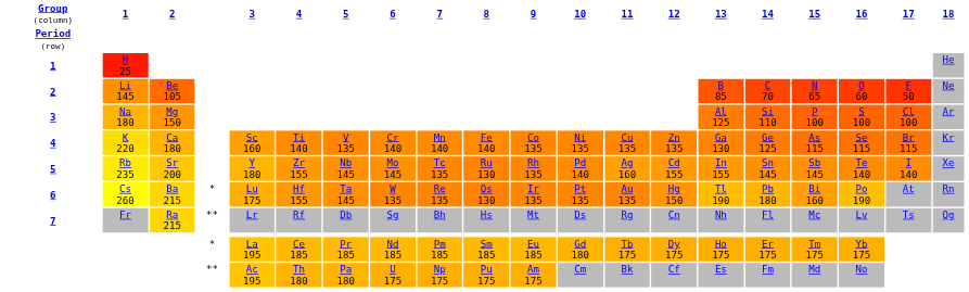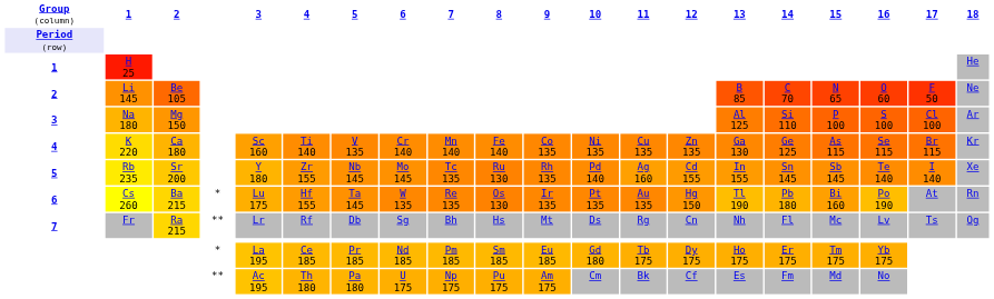 <table wikitable width="80%" style="text-align:center">
 <tr>
 <td><strong><a href='#'>Group</a></strong><br><small>(column)</small></td>
 <td><strong><a href='#'>1</a></strong></td>
 <td><strong><a href='#'>2</a></strong></td>
 <td></td>
 <td><strong><a href='#'>3</a></strong></td>
 <td><strong><a href='#'>4</a></strong></td>
 <td><strong><a href='#'>5</a></strong></td>
 <td><strong><a href='#'>6</a></strong></td>
 <td><strong><a href='#'>7</a></strong></td>
 <td><strong><a href='#'>8</a></strong></td>
 <td><strong><a href='#'>9</a></strong></td>
 <td><strong><a href='#'>10</a></strong></td>
 <td><strong><a href='#'>11</a></strong></td>
 <td><strong><a href='#'>12</a></strong></td>
 <td><strong><a href='#'>13</a></strong></td>
 <td><strong><a href='#'>14</a></strong></td>
 <td><strong><a href='#'>15</a></strong></td>
 <td><strong><a href='#'>16</a></strong></td>
 <td><strong><a href='#'>17</a></strong></td>
 <td><strong><a href='#'>18</a></strong></td>
 </tr>
 <tr>
-<td><strong><a href='#'>Period</a></strong><br><small>(row)</small></td>
+<td style="background: lavender;"><strong><a href='#'>Period</a></strong><br><small>(row)</small></td>
 <td colspan=21></td>
 </tr>
 <tr>
 <td><strong><a href='#'>1</a></strong></td>
 <td bgcolor="#ff1900"><a href='#'>H</a><br>25</td>
 <td colspan=17></td>
 <td bgcolor="#bbbbbb"><a href='#'>He</a><br> </td>
 </tr>
 <tr>
 <td><strong><a href='#'>2</a></strong></td>
 <td bgcolor="#ff9100"><a href='#'>Li</a><br>145</td>
 <td bgcolor="#ff6900"><a href='#'>Be</a><br>105</td>
 <td colspan=11></td>
 <td bgcolor="#ff5500"><a href='#'>B</a><br>85</td>
 <td bgcolor="#ff4600"><a href='#'>C</a><br>70</td>
 <td bgcolor="#ff4100"><a href='#'>N</a><br>65</td>
 <td bgcolor="#ff3c00"><a href='#'>O</a><br>60</td>
 <td bgcolor="#ff3200"><a href='#'>F</a><br>50</td>
 <td bgcolor="#bbbbbb"><a href='#'>Ne</a><br> </td>
 </tr>
 <tr>
 <td><strong><a href='#'>3</a></strong></td>
 <td bgcolor="#ffb400"><a href='#'>Na</a><br>180</td>
 <td bgcolor="#ff9600"><a href='#'>Mg</a><br>150</td>
 <td colspan=11></td>
 <td bgcolor="#ff7d00"><a href='#'>Al</a><br>125</td>
 <td bgcolor="#ff6e00"><a href='#'>Si</a><br>110</td>
 <td bgcolor="#ff6400"><a href='#'>P</a><br>100</td>
 <td bgcolor="#ff6400"><a href='#'>S</a><br>100</td>
 <td bgcolor="#ff6400"><a href='#'>Cl</a><br>100</td>
 <td bgcolor="#bbbbbb"><a href='#'>Ar</a><br> </td>
 </tr>
 <tr>
 <td><strong><a href='#'>4</a></strong></td>
 <td bgcolor="#ffdc00"><a href='#'>K</a><br>220</td>
 <td bgcolor="#ffb400"><a href='#'>Ca</a><br>180</td>
 <td></td>
 <td bgcolor="#ffa000"><a href='#'>Sc</a><br>160</td>
 <td bgcolor="#ff8c00"><a href='#'>Ti</a><br>140</td>
 <td bgcolor="#ff8700"><a href='#'>V</a><br>135</td>
 <td bgcolor="#ff8c00"><a href='#'>Cr</a><br>140</td>
 <td bgcolor="#ff8c00"><a href='#'>Mn</a><br>140</td>
 <td bgcolor="#ff8c00"><a href='#'>Fe</a><br>140</td>
 <td bgcolor="#ff8700"><a href='#'>Co</a><br>135</td>
 <td bgcolor="#ff8700"><a href='#'>Ni</a><br>135</td>
 <td bgcolor="#ff8700"><a href='#'>Cu</a><br>135</td>
 <td bgcolor="#ff8700"><a href='#'>Zn</a><br>135</td>
 <td bgcolor="#ff8700"><a href='#'>Ga</a><br>130</td>
 <td bgcolor="#ff7d00"><a href='#'>Ge</a><br>125</td>
 <td bgcolor="#ff7300"><a href='#'>As</a><br>115</td>
 <td bgcolor="#ff7300"><a href='#'>Se</a><br>115</td>
 <td bgcolor="#ff7300"><a href='#'>Br</a><br>115</td>
 <td bgcolor="#bbbbbb"><a href='#'>Kr</a><br> </td>
 </tr>
 <tr>
 <td><strong><a href='#'>5</a></strong></td>
 <td bgcolor="#ffeb00"><a href='#'>Rb</a><br>235</td>
 <td bgcolor="#ffc800"><a href='#'>Sr</a><br>200</td>
 <td></td>
 <td bgcolor="#ffb400"><a href='#'>Y</a><br>180</td>
 <td bgcolor="#ff9b00"><a href='#'>Zr</a><br>155</td>
 <td bgcolor="#ff9100"><a href='#'>Nb</a><br>145</td>
 <td bgcolor="#ff9100"><a href='#'>Mo</a><br>145</td>
 <td bgcolor="#ff8700"><a href='#'>Tc</a><br>135</td>
 <td bgcolor="#ff8200"><a href='#'>Ru</a><br>130</td>
 <td bgcolor="#ff8700"><a href='#'>Rh</a><br>135</td>
 <td bgcolor="#ff8c00"><a href='#'>Pd</a><br>140</td>
 <td bgcolor="#ffa000"><a href='#'>Ag</a><br>160</td>
 <td bgcolor="#ff9b00"><a href='#'>Cd</a><br>155</td>
 <td bgcolor="#ff9b00"><a href='#'>In</a><br>155</td>
 <td bgcolor="#ff9100"><a href='#'>Sn</a><br>145</td>
 <td bgcolor="#ff9100"><a href='#'>Sb</a><br>145</td>
 <td bgcolor="#ff8c00"><a href='#'>Te</a><br>140</td>
 <td bgcolor="#ff8c00"><a href='#'>I</a><br>140</td>
 <td bgcolor="#bbbbbb"><a href='#'>Xe</a><br> </td>
 </tr>
 <tr>
 <td><strong><a href='#'>6</a></strong></td>
 <td bgcolor="#ffff00"><a href='#'>Cs</a><br>260</td>
 <td bgcolor="#ffd700"><a href='#'>Ba</a><br>215</td>
 <td>*<br> </td>
 <td bgcolor="#ffaf00"><a href='#'>Lu</a><br>175</td>
 <td bgcolor="#ff9b00"><a href='#'>Hf</a><br>155</td>
 <td bgcolor="#ff9100"><a href='#'>Ta</a><br>145</td>
 <td bgcolor="#ff8700"><a href='#'>W</a><br>135</td>
 <td bgcolor="#ff8700"><a href='#'>Re</a><br>135</td>
 <td bgcolor="#ff8200"><a href='#'>Os</a><br>130</td>
 <td bgcolor="#ff8700"><a href='#'>Ir</a><br>135</td>
 <td bgcolor="#ff8700"><a href='#'>Pt</a><br>135</td>
 <td bgcolor="#ff8700"><a href='#'>Au</a><br>135</td>
 <td bgcolor="#ff9600"><a href='#'>Hg</a><br>150</td>
 <td bgcolor="#ffbe00"><a href='#'>Tl</a><br>190</td>
 <td bgcolor="#ffb400"><a href='#'>Pb</a><br>180</td>
 <td bgcolor="#ffa000"><a href='#'>Bi</a><br>160</td>
 <td bgcolor="#ffbe00"><a href='#'>Po</a><br>190</td>
 <td bgcolor="#bbbbbb"><a href='#'>At</a><br> </td>
 <td bgcolor="#bbbbbb"><a href='#'>Rn</a><br> </td>
 </tr>
 <tr>
 <td><strong><a href='#'>7</a></strong></td>
 <td bgcolor="#bbbbbb"><a href='#'>Fr</a><br> </td>
 <td bgcolor="#ffd700"><a href='#'>Ra</a><br>215</td>
 <td>**<br> </td>
 <td bgcolor="#bbbbbb"><a href='#'>Lr</a><br> </td>
 <td bgcolor="#bbbbbb"><a href='#'>Rf</a><br> </td>
 <td bgcolor="#bbbbbb"><a href='#'>Db</a><br> </td>
 <td bgcolor="#bbbbbb"><a href='#'>Sg</a><br> </td>
 <td bgcolor="#bbbbbb"><a href='#'>Bh</a><br> </td>
 <td bgcolor="#bbbbbb"><a href='#'>Hs</a><br> </td>
 <td bgcolor="#bbbbbb"><a href='#'>Mt</a><br> </td>
 <td bgcolor="#bbbbbb"><a href='#'>Ds</a><br> </td>
 <td bgcolor="#bbbbbb"><a href='#'>Rg</a><br> </td>
 <td bgcolor="#bbbbbb"><a href='#'>Cn</a><br> </td>
 <td bgcolor="#bbbbbb"><a href='#'>Nh</a><br> </td>
 <td bgcolor="#bbbbbb"><a href='#'>Fl</a><br> </td>
 <td bgcolor="#bbbbbb"><a href='#'>Mc</a><br> </td>
 <td bgcolor="#bbbbbb"><a href='#'>Lv</a><br> </td>
 <td bgcolor="#bbbbbb"><a href='#'>Ts</a><br> </td>
 <td bgcolor="#bbbbbb"><a href='#'>Og</a><br> </td>
 </tr>
 <tr>
 <td></td>
 </tr>
 <tr>
 <td></td>
 <td></td>
 <td></td>
 <td>*<br> </td>
 <td bgcolor="#ffc300"><a href='#'>La</a><br>195</td>
 <td bgcolor="#ffb900"><a href='#'>Ce</a><br>185</td>
 <td bgcolor="#ffb900"><a href='#'>Pr</a><br>185</td>
 <td bgcolor="#ffb900"><a href='#'>Nd</a><br>185</td>
 <td bgcolor="#ffb900"><a href='#'>Pm</a><br>185</td>
 <td bgcolor="#ffb900"><a href='#'>Sm</a><br>185</td>
 <td bgcolor="#ffb900"><a href='#'>Eu</a><br>185</td>
 <td bgcolor="#ffb400"><a href='#'>Gd</a><br>180</td>
 <td bgcolor="#ffaf00"><a href='#'>Tb</a><br>175</td>
 <td bgcolor="#ffaf00"><a href='#'>Dy</a><br>175</td>
 <td bgcolor="#ffaf00"><a href='#'>Ho</a><br>175</td>
 <td bgcolor="#ffaf00"><a href='#'>Er</a><br>175</td>
 <td bgcolor="#ffaf00"><a href='#'>Tm</a><br>175</td>
 <td bgcolor="#ffaf00"><a href='#'>Yb</a><br>175</td>
 </tr>
 <tr>
 <td></td>
 <td></td>
 <td></td>
 <td>**<br> </td>
 <td bgcolor="#ffc300"><a href='#'>Ac</a><br>195</td>
 <td bgcolor="#ffb400"><a href='#'>Th</a><br>180</td>
 <td bgcolor="#ffb400"><a href='#'>Pa</a><br>180</td>
 <td bgcolor="#ffaf00"><a href='#'>U</a><br>175</td>
 <td bgcolor="#ffaf00"><a href='#'>Np</a><br>175</td>
 <td bgcolor="#ffaf00"><a href='#'>Pu</a><br>175</td>
 <td bgcolor="#ffaf00"><a href='#'>Am</a><br>175</td>
 <td bgcolor="#bbbbbb"><a href='#'>Cm</a><br> </td>
 <td bgcolor="#bbbbbb"><a href='#'>Bk</a><br> </td>
 <td bgcolor="#bbbbbb"><a href='#'>Cf</a><br> </td>
 <td bgcolor="#bbbbbb"><a href='#'>Es</a><br> </td>
 <td bgcolor="#bbbbbb"><a href='#'>Fm</a><br> </td>
 <td bgcolor="#bbbbbb"><a href='#'>Md</a><br> </td>
 <td bgcolor="#bbbbbb"><a href='#'>No</a><br> </td>
 </tr>
 <tr>
 <td colspan=21></td>
 </tr>
 </table>
